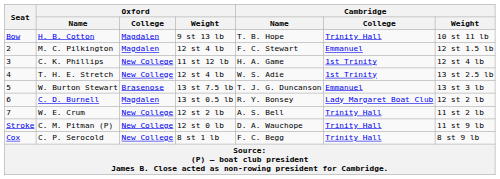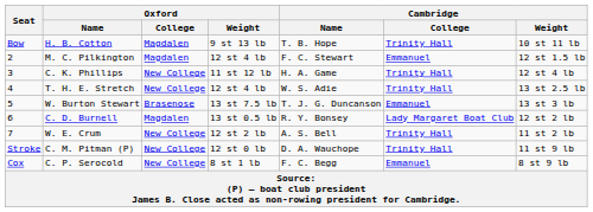 <table class="wikitable">
 <tr>
 <th rowspan="2" scope="col">Seat</th>
 <th colspan="3" scope="col">Oxford <br> </th>
 <th colspan="3" scope="col">Cambridge <br> </th>
 </tr>
 <tr>
 <th>Name</th>
 <th>College</th>
 <th>Weight</th>
 <th>Name</th>
 <th>College</th>
 <th>Weight</th>
 </tr>
 <tr>
 <td><a href='#'>Bow</a></td>
 <td><a href='#'>H. B. Cotton</a></td>
 <td><a href='#'>Magdalen</a></td>
 <td>9 st 13 lb</td>
 <td>T. B. Hope</td>
 <td><a href='#'>Trinity Hall</a></td>
 <td>10 st 11 lb</td>
 </tr>
 <tr>
 <td>2</td>
 <td>M. C. Pilkington</td>
 <td><a href='#'>Magdalen</a></td>
 <td>12 st 4 lb</td>
 <td>F. C. Stewart</td>
 <td><a href='#'>Emmanuel</a></td>
 <td>12 st 1.5 lb</td>
 </tr>
 <tr>
 <td>3</td>
 <td>C. K. Phillips</td>
 <td><a href='#'>New College</a></td>
 <td>11 st 12 lb</td>
 <td>H. A. Game</td>
-<td><a href='#'>1st Trinity</a></td>
+<td><a href='#'>Trinity Hall</a></td>
 <td>12 st 4 lb</td>
 </tr>
 <tr>
 <td>4</td>
 <td>T. H. E. Stretch</td>
 <td><a href='#'>New College</a></td>
 <td>12 st 4 lb</td>
 <td>W. S. Adie</td>
-<td><a href='#'>1st Trinity</a></td>
+<td><a href='#'>Trinity Hall</a></td>
 <td>13 st 2.5 lb</td>
 </tr>
 <tr>
 <td>5</td>
 <td>W. Burton Stewart</td>
 <td><a href='#'>Brasenose</a></td>
 <td>13 st 7.5 lb</td>
 <td>T. J. G. Duncanson</td>
 <td><a href='#'>Emmanuel</a></td>
 <td>13 st 3 lb</td>
 </tr>
 <tr>
 <td>6</td>
 <td><a href='#'>C. D. Burnell</a></td>
 <td><a href='#'>Magdalen</a></td>
 <td>13 st 0.5 lb</td>
 <td>R. Y. Bonsey</td>
 <td><a href='#'>Lady Margaret Boat Club</a></td>
 <td>12 st 2 lb</td>
 </tr>
 <tr>
 <td>7</td>
 <td>W. E. Crum</td>
 <td><a href='#'>New College</a></td>
 <td>12 st 2 lb</td>
 <td>A. S. Bell</td>
 <td><a href='#'>Trinity Hall</a></td>
 <td>11 st 2 lb</td>
 </tr>
 <tr>
 <td><a href='#'>Stroke</a></td>
 <td>C. M. Pitman (P)</td>
 <td><a href='#'>New College</a></td>
 <td>12 st 0 lb</td>
 <td>D. A. Wauchope</td>
 <td><a href='#'>Trinity Hall</a></td>
 <td>11 st 9 lb</td>
 </tr>
 <tr>
 <td><a href='#'>Cox</a></td>
 <td>C. P. Serocold</td>
 <td><a href='#'>New College</a></td>
 <td>8 st 1 lb</td>
 <td>F. C. Begg</td>
-<td><a href='#'>Trinity Hall</a></td>
+<td><a href='#'>Emmanuel</a></td>
 <td>8 st 9 lb</td>
 </tr>
 <tr>
 <th colspan="7">Source:<br>(P) – boat club president<br>James B. Close acted as non-rowing president for Cambridge.</th>
 </tr>
 </table>
